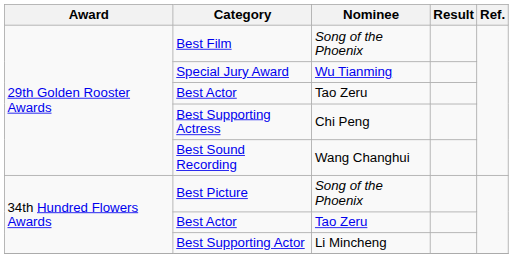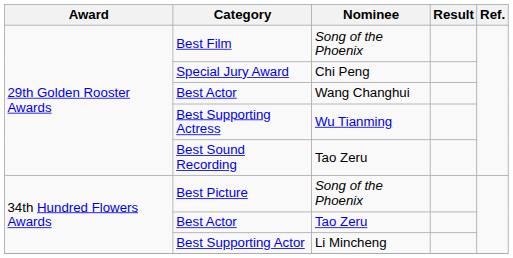 <table class="wikitable">
 <tr>
 <th>Award</th>
 <th>Category</th>
 <th>Nominee</th>
 <th>Result</th>
 <th>Ref.</th>
 </tr>
 <tr>
 <td rowspan=5><a href='#'>29th Golden Rooster Awards</a></td>
 <td><a href='#'>Best Film</a></td>
 <td><em>Song of the Phoenix</em></td>
 <td></td>
 <td rowspan=5></td>
 </tr>
 <tr>
 <td><a href='#'>Special Jury Award</a></td>
+<td>Chi Peng</td>
+<td></td>
+</tr>
+<tr>
+<td><a href='#'>Best Actor</a></td>
+<td>Wang Changhui</td>
+<td></td>
+</tr>
+<tr>
+<td><a href='#'>Best Supporting Actress</a></td>
 <td><a href='#'>Wu Tianming</a></td>
 <td></td>
 </tr>
 <tr>
-<td><a href='#'>Best Actor</a></td>
+<td><a href='#'>Best Sound Recording</a></td>
 <td>Tao Zeru</td>
-<td></td>
-</tr>
-<tr>
-<td><a href='#'>Best Supporting Actress</a></td>
-<td>Chi Peng</td>
-<td></td>
-</tr>
-<tr>
-<td><a href='#'>Best Sound Recording</a></td>
-<td>Wang Changhui</td>
 <td></td>
 </tr>
 <tr>
 <td rowspan=3>34th <a href='#'>Hundred Flowers Awards</a></td>
 <td><a href='#'>Best Picture</a></td>
 <td><em>Song of the Phoenix</em></td>
 <td></td>
 <td rowspan=3></td>
 </tr>
 <tr>
 <td><a href='#'>Best Actor</a></td>
 <td><a href='#'>Tao Zeru</a></td>
 <td></td>
 </tr>
 <tr>
 <td><a href='#'>Best Supporting Actor</a></td>
 <td>Li Mincheng</td>
 <td></td>
 </tr>
 <tr>
 </tr>
 </table>
